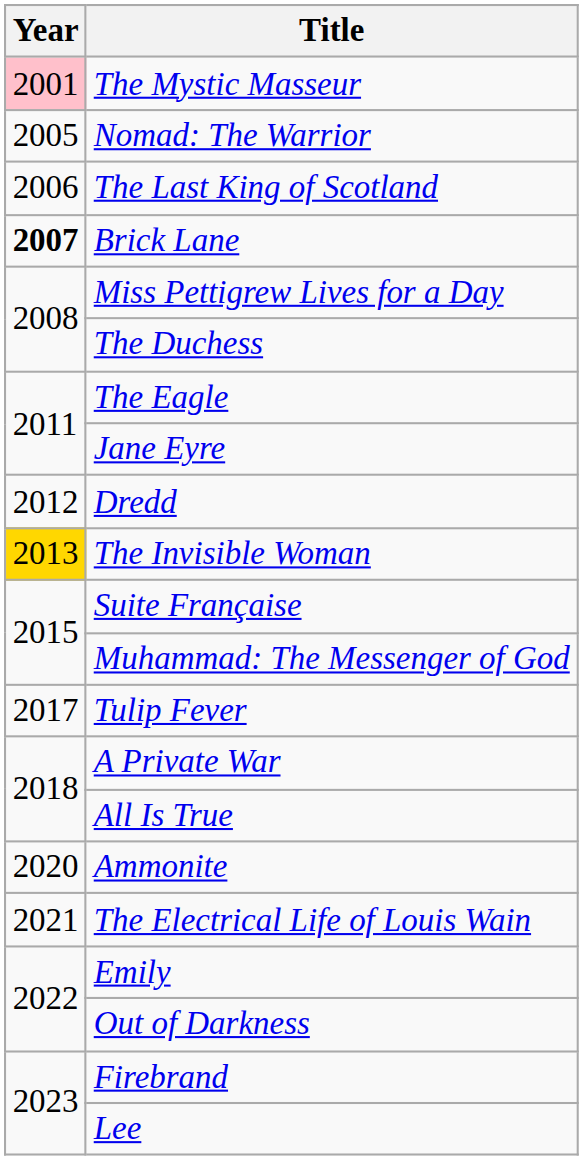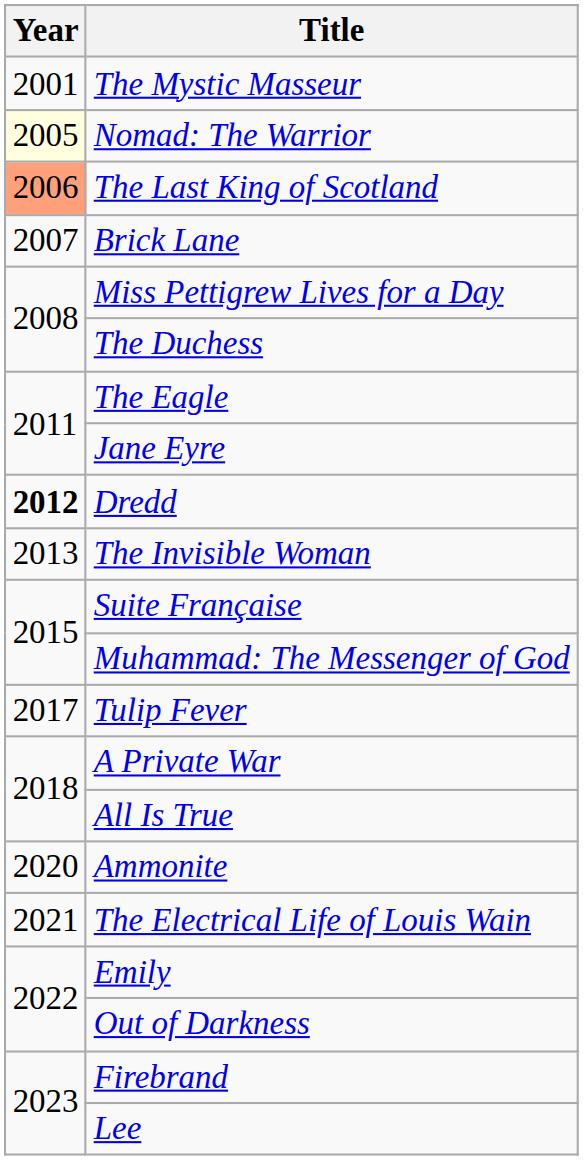 <table class="wikitable sortable">
 <tr>
 <th>Year</th>
 <th>Title</th>
 </tr>
 <tr>
-<td style="background: pink;">2001</td>
+<td>2001</td>
 <td><em><a href='#'>The Mystic Masseur</a></em></td>
 </tr>
 <tr>
-<td>2005</td>
+<td style="background: lightyellow;">2005</td>
 <td><em><a href='#'>Nomad: The Warrior</a></em></td>
 </tr>
 <tr>
-<td>2006</td>
+<td style="background: lightsalmon;">2006</td>
 <td><em><a href='#'>The Last King of Scotland</a></em></td>
 </tr>
 <tr>
-<td><strong>2007</strong></td>
+<td>2007</td>
 <td><em><a href='#'>Brick Lane</a></em></td>
 </tr>
 <tr>
 <td rowspan="2">2008</td>
 <td><em><a href='#'>Miss Pettigrew Lives for a Day</a></em></td>
 </tr>
 <tr>
 <td><em><a href='#'>The Duchess</a></em></td>
 </tr>
 <tr>
 <td rowspan="2">2011</td>
 <td><em><a href='#'>The Eagle</a></em></td>
 </tr>
 <tr>
 <td><em><a href='#'>Jane Eyre</a></em></td>
 </tr>
 <tr>
-<td>2012</td>
+<td><strong>2012</strong></td>
 <td><em><a href='#'>Dredd</a></em></td>
 </tr>
 <tr>
-<td style="background: gold;">2013</td>
+<td>2013</td>
 <td><em><a href='#'>The Invisible Woman</a></em></td>
 </tr>
 <tr>
 <td rowspan="2">2015</td>
 <td><em><a href='#'>Suite Française</a></em></td>
 </tr>
 <tr>
 <td><em><a href='#'>Muhammad: The Messenger of God</a></em></td>
 </tr>
 <tr>
 <td>2017</td>
 <td><em><a href='#'>Tulip Fever</a></em></td>
 </tr>
 <tr>
 <td rowspan="2">2018</td>
 <td><em><a href='#'>A Private War</a></em></td>
 </tr>
 <tr>
 <td><em><a href='#'>All Is True</a></em></td>
 </tr>
 <tr>
 <td>2020</td>
 <td><em><a href='#'>Ammonite</a></em></td>
 </tr>
 <tr>
 <td>2021</td>
 <td><em><a href='#'>The Electrical Life of Louis Wain</a></em></td>
 </tr>
 <tr>
 <td rowspan="2">2022</td>
 <td><em><a href='#'>Emily</a></em></td>
 </tr>
 <tr>
 <td><em><a href='#'>Out of Darkness</a></em></td>
 </tr>
 <tr>
 <td rowspan="2">2023</td>
 <td><em><a href='#'>Firebrand</a></em></td>
 </tr>
 <tr>
 <td><em><a href='#'>Lee</a></em></td>
 </tr>
 </table>
